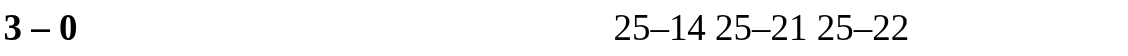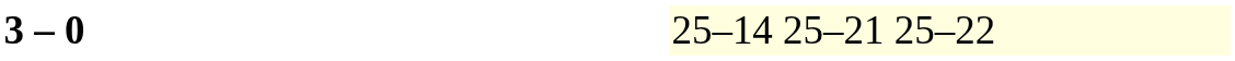 <table>
 <tr>
 <th width=200></th>
 <th width=80></th>
 <th width=200></th>
 <th width=220></th>
 </tr>
 <tr>
 <td align=right><strong></strong></td>
 <td align=center><strong>3 – 0</strong></td>
 <td></td>
-<td>25–14 25–21 25–22</td>
+<td style="background: lightyellow;">25–14 25–21 25–22</td>
 </tr>
 </table>
